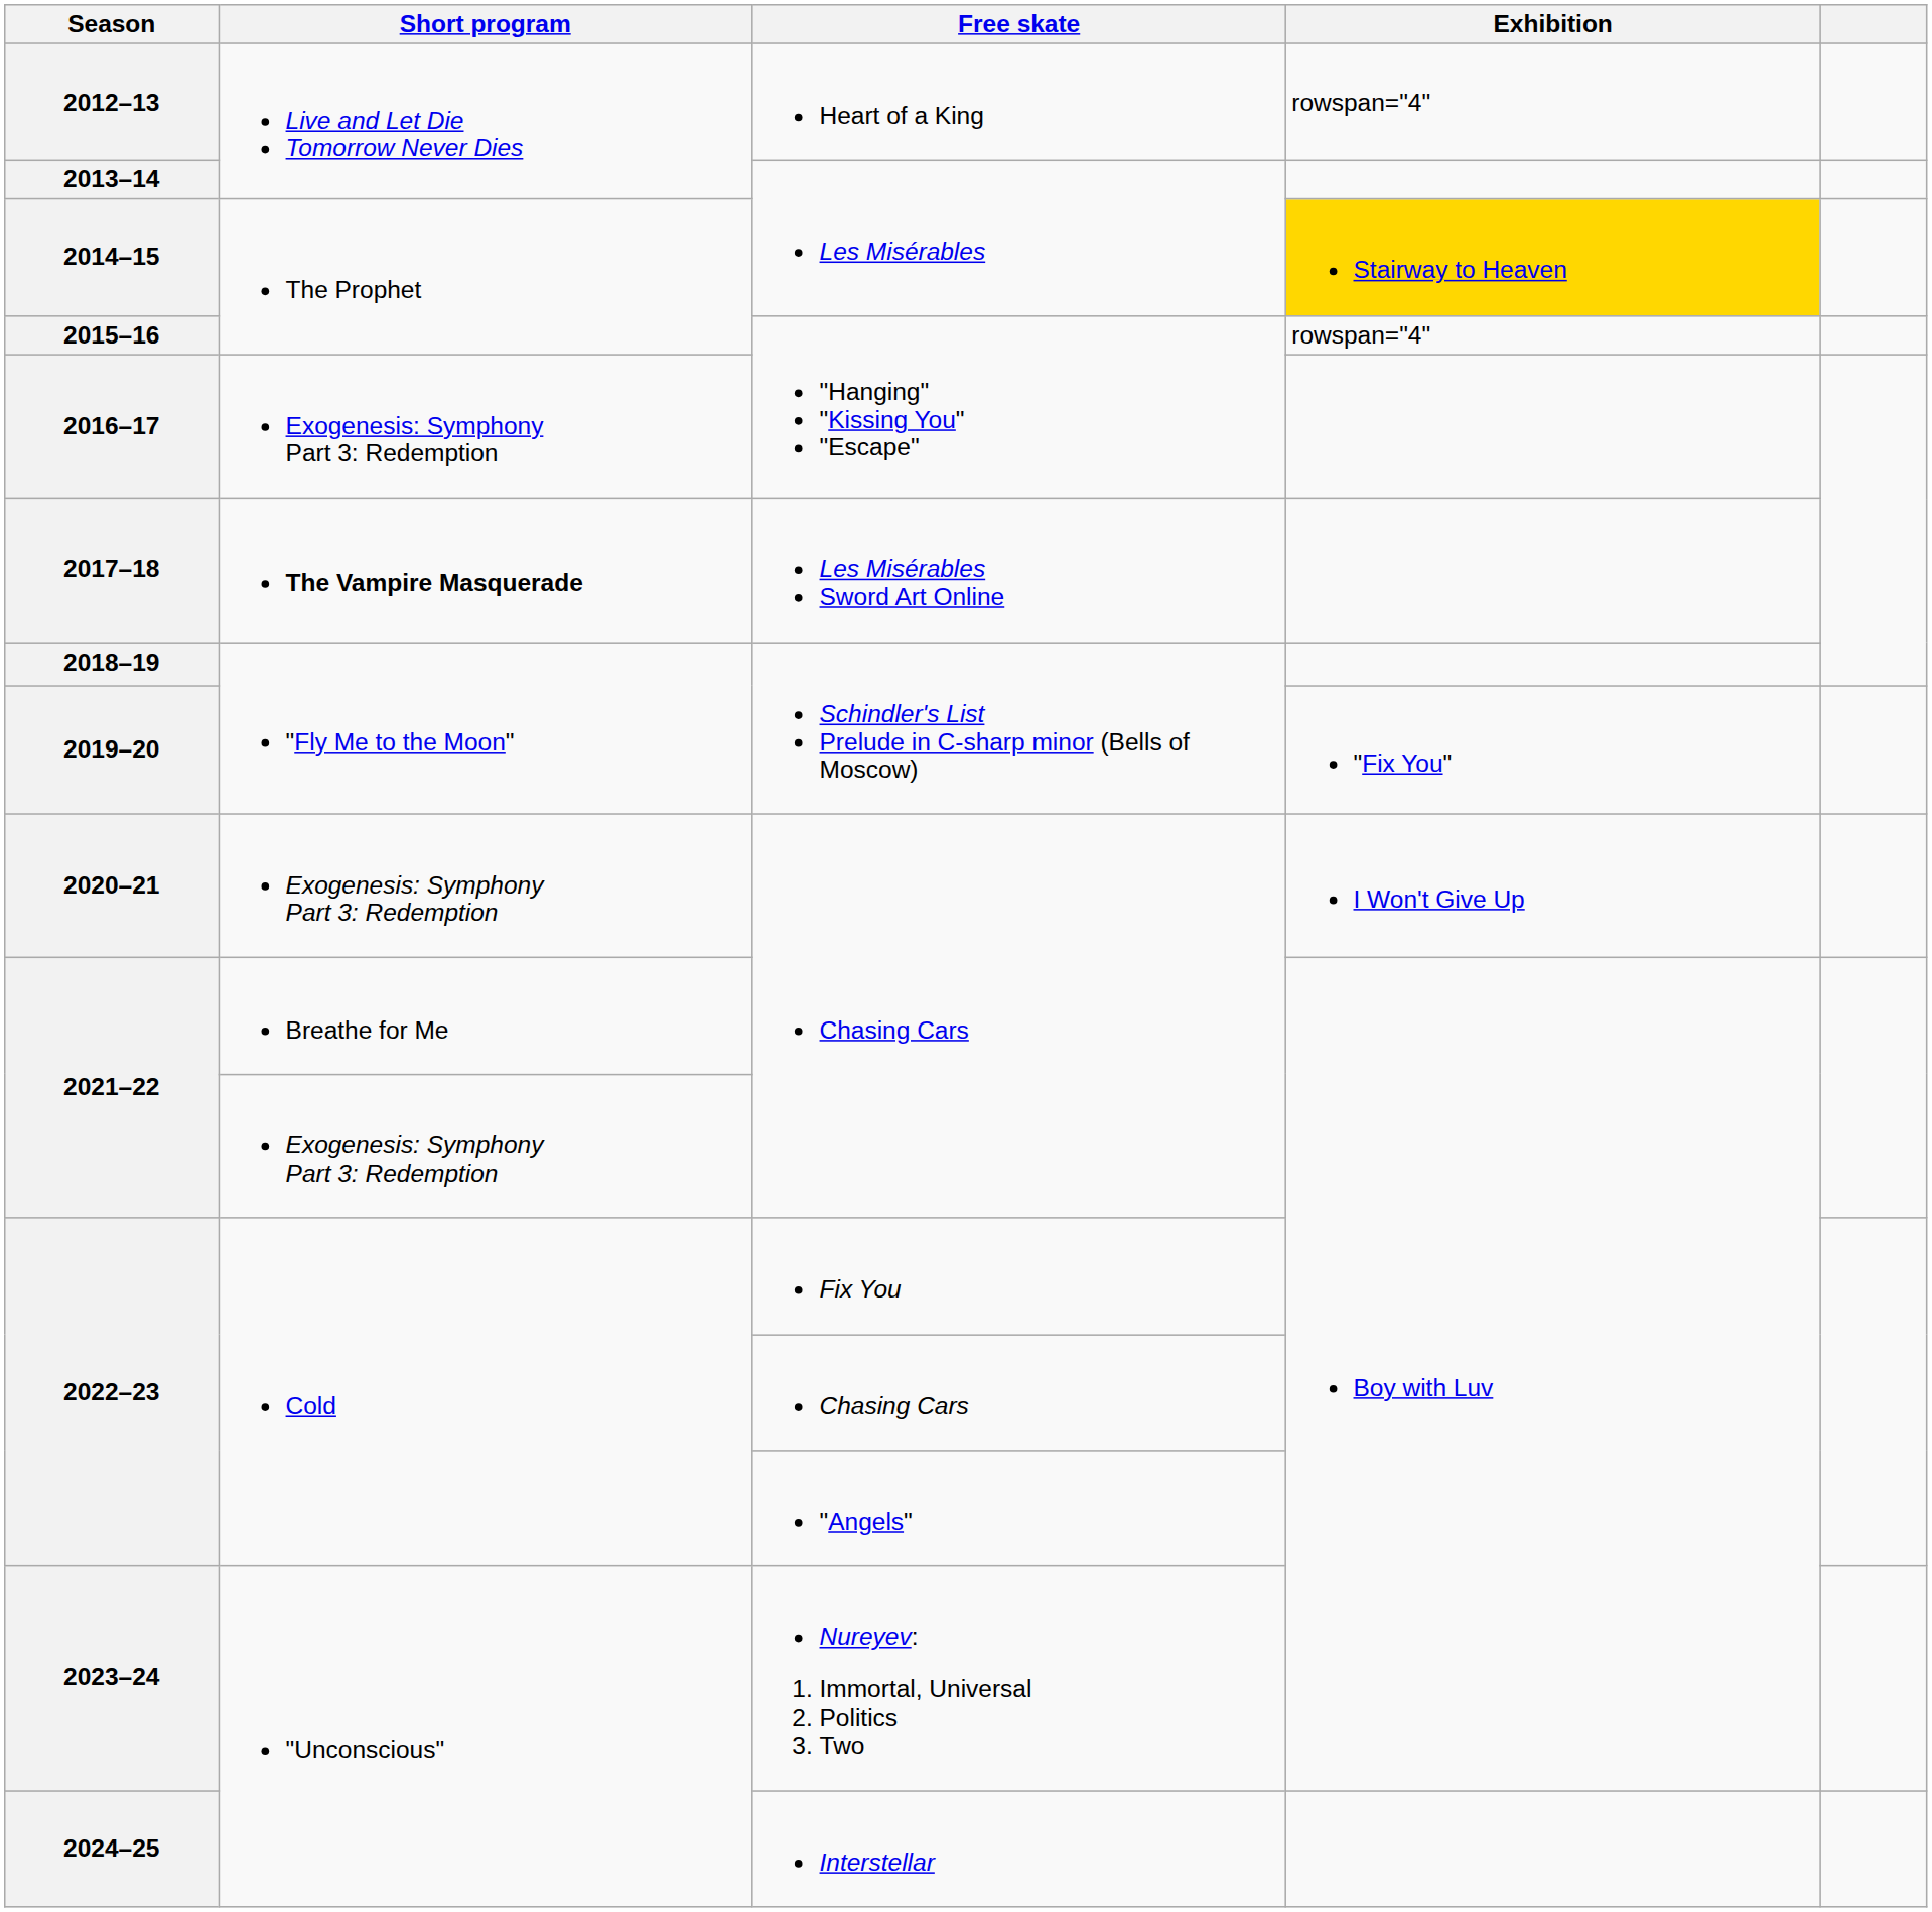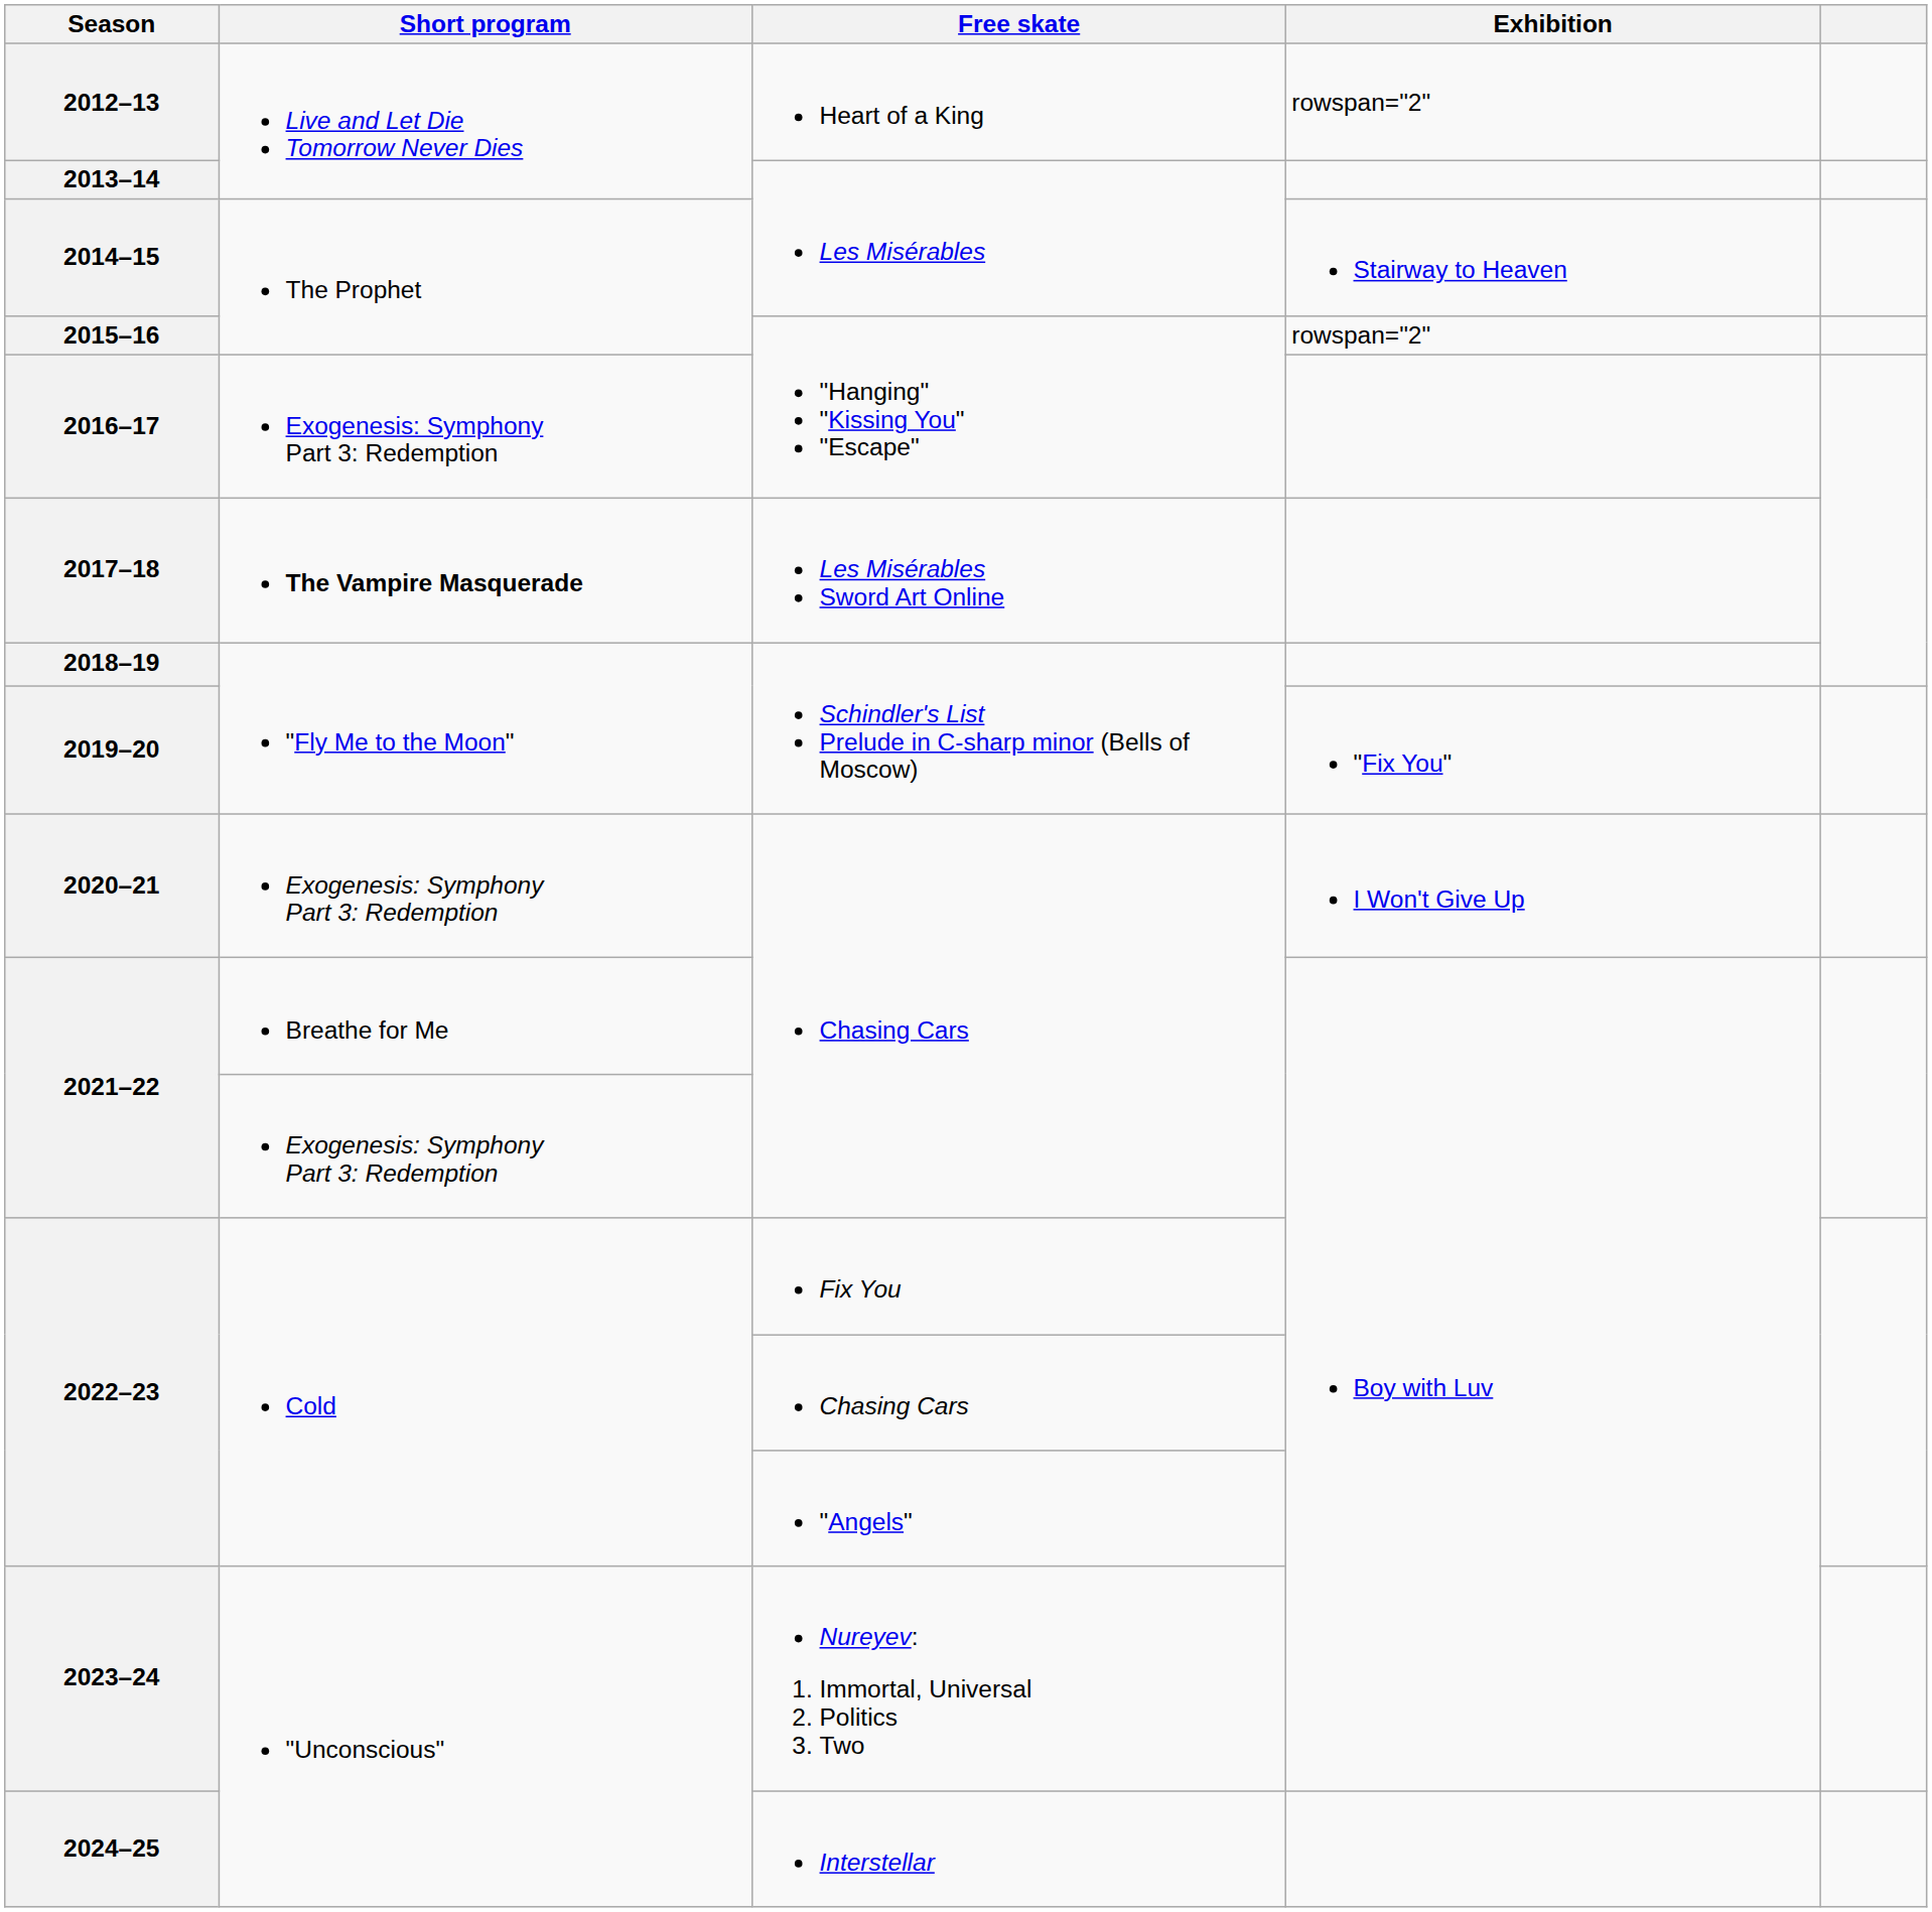 <table class="wikitable unsortable" style="text-align:left">
 <tr>
 <th scope="col" style="text-align:center; width:10%">Season</th>
 <th scope="col" style="text-align:center; width:25%"><a href='#'>Short program</a></th>
 <th scope="col" style="text-align:center; width:25%"><a href='#'>Free skate</a></th>
 <th scope="col" style="text-align:center; width:25%">Exhibition</th>
 <th scope="col" style="text-align:center; width:5%"></th>
 </tr>
 <tr>
 <th scope="row">2012–13</th>
 <td rowspan="2"><br><ul><li><em><a href='#'>Live and Let Die</a></em><br></li><li><em><a href='#'>Tomorrow Never Dies</a></em><br></li></ul></td>
 <td><br><ul><li>Heart of a King<br></li></ul></td>
-<td>rowspan="4" </td>
+<td>rowspan="2" </td>
 <td></td>
 </tr>
 <tr>
 <th scope="row">2013–14</th>
 <td rowspan="2"><br><ul><li><em><a href='#'>Les Misérables</a></em><br></li></ul></td>
 <td></td>
 </tr>
 <tr>
 <th scope="row">2014–15</th>
 <td rowspan="2"><br><ul><li>The Prophet<br></li></ul></td>
-<td style="background: gold;"><br><ul><li><a href='#'>Stairway to Heaven</a><br></li></ul></td>
+<td><br><ul><li><a href='#'>Stairway to Heaven</a><br></li></ul></td>
 <td></td>
 </tr>
 <tr>
 <th scope="row">2015–16</th>
 <td rowspan="2"><br><ul><li>"Hanging"<br></li><li>"<a href='#'>Kissing You</a>"<br></li><li>"Escape"<br></li></ul></td>
-<td>rowspan="4" </td>
+<td>rowspan="2" </td>
 <td></td>
 </tr>
 <tr>
 <th scope="row">2016–17</th>
 <td><br><ul><li><a href='#'>Exogenesis: Symphony</a><br>Part 3: Redemption<br></li></ul></td>
 <td></td>
 </tr>
 <tr>
 <th scope="row">2017–18</th>
 <td><strong><br><ul><li>The Vampire Masquerade<br></li></ul></strong></td>
 <td><br><ul><li><em><a href='#'>Les Misérables</a></em><br></li><li><a href='#'>Sword Art Online</a><br></li></ul></td>
 <td></td>
 </tr>
 <tr>
 <th scope="row">2018–19</th>
 <td rowspan="2"><br><ul><li>"<a href='#'>Fly Me to the Moon</a>"<br></li></ul></td>
 <td rowspan="2"><br><ul><li><em><a href='#'>Schindler's List</a></em><br></li><li><a href='#'>Prelude in C-sharp minor</a> (Bells of Moscow)<br></li></ul></td>
 <td></td>
 </tr>
 <tr>
 <th scope="row">2019–20</th>
 <td><br><ul><li>"<a href='#'>Fix You</a>"<br></li></ul></td>
 <td></td>
 </tr>
 <tr>
 <th scope="row">2020–21</th>
 <td><br><ul><li><em>Exogenesis: Symphony<br>Part 3: Redemption</em></li></ul></td>
 <td rowspan="3"><br><ul><li><a href='#'>Chasing Cars</a><br></li></ul></td>
 <td><br><ul><li><a href='#'>I Won't Give Up</a><br></li></ul></td>
 <td></td>
 </tr>
 <tr>
 <th scope="row" rowspan="2">2021–22</th>
 <td><br><ul><li>Breathe for Me<br></li></ul></td>
 <td rowspan="6"><br><ul><li><a href='#'>Boy with Luv</a><br></li></ul></td>
 <td rowspan="2"></td>
 </tr>
 <tr>
 <td><br><ul><li><em>Exogenesis: Symphony<br>Part 3: Redemption</em></li></ul></td>
 </tr>
 <tr>
 <th scope="row" rowspan="3">2022–23</th>
 <td rowspan="3"><br><ul><li><a href='#'>Cold</a><br></li></ul></td>
 <td><br><ul><li><em>Fix You</em></li></ul></td>
 <td rowspan="3"></td>
 </tr>
 <tr>
 <td><br><ul><li><em>Chasing Cars</em></li></ul></td>
 </tr>
 <tr>
 <td><br><ul><li>"<a href='#'>Angels</a>"<br></li></ul></td>
 </tr>
 <tr>
 <th scope="row">2023–24</th>
 <td rowspan="2"><br><ul><li>"Unconscious"<br></li></ul></td>
 <td><br><ul><li><a href='#'><em>Nureyev</em></a>:</li></ul><ol><li>Immortal, Universal</li><li>Politics</li><li>Two<br></li></ol></td>
 <td></td>
 </tr>
 <tr>
 <th scope="row">2024–25</th>
 <td><br><ul><li><em><a href='#'>Interstellar</a></em> <br></li></ul></td>
 <td></td>
 <td></td>
 </tr>
 </table>
